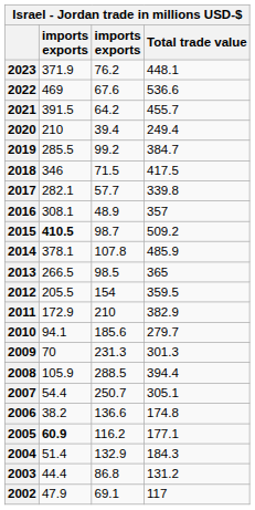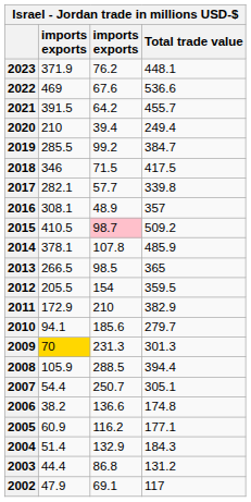 <table class="wikitable mw-collapsible mw-collapsed">
 <tr>
 <th colspan="4">Israel - Jordan trade in millions USD-$ </th>
 </tr>
 <tr>
 <th></th>
 <th> imports<br> exports</th>
 <th> imports<br> exports</th>
 <th>Total trade value</th>
 </tr>
 <tr>
 <th>2023</th>
 <td>371.9</td>
 <td>76.2</td>
 <td>448.1</td>
 </tr>
 <tr>
 <th>2022</th>
 <td>469</td>
 <td>67.6</td>
 <td>536.6</td>
 </tr>
 <tr>
 <th>2021</th>
 <td>391.5</td>
 <td>64.2</td>
 <td>455.7</td>
 </tr>
 <tr>
 <th>2020</th>
 <td>210</td>
 <td>39.4</td>
 <td>249.4</td>
 </tr>
 <tr>
 <th>2019</th>
 <td>285.5</td>
 <td>99.2</td>
 <td>384.7</td>
 </tr>
 <tr>
 <th>2018</th>
 <td>346</td>
 <td>71.5</td>
 <td>417.5</td>
 </tr>
 <tr>
 <th>2017</th>
 <td>282.1</td>
 <td>57.7</td>
 <td>339.8</td>
 </tr>
 <tr>
 <th>2016</th>
 <td>308.1</td>
 <td>48.9</td>
 <td>357</td>
 </tr>
 <tr>
 <th>2015</th>
-<td><strong>410.5</strong></td>
-<td>98.7</td>
+<td>410.5</td>
+<td style="background: pink;">98.7</td>
 <td>509.2</td>
 </tr>
 <tr>
 <th>2014</th>
 <td>378.1</td>
 <td>107.8</td>
 <td>485.9</td>
 </tr>
 <tr>
 <th>2013</th>
 <td>266.5</td>
 <td>98.5</td>
 <td>365</td>
 </tr>
 <tr>
 <th>2012</th>
 <td>205.5</td>
 <td>154</td>
 <td>359.5</td>
 </tr>
 <tr>
 <th>2011</th>
 <td>172.9</td>
 <td>210</td>
 <td>382.9</td>
 </tr>
 <tr>
 <th>2010</th>
 <td>94.1</td>
 <td>185.6</td>
 <td>279.7</td>
 </tr>
 <tr>
 <th>2009</th>
-<td>70</td>
+<td style="background: gold;">70</td>
 <td>231.3</td>
 <td>301.3</td>
 </tr>
 <tr>
 <th>2008</th>
 <td>105.9</td>
 <td>288.5</td>
 <td>394.4</td>
 </tr>
 <tr>
 <th>2007</th>
 <td>54.4</td>
 <td>250.7</td>
 <td>305.1</td>
 </tr>
 <tr>
 <th>2006</th>
 <td>38.2</td>
 <td>136.6</td>
 <td>174.8</td>
 </tr>
 <tr>
 <th>2005</th>
-<td><strong>60.9</strong></td>
+<td>60.9</td>
 <td>116.2</td>
 <td>177.1</td>
 </tr>
 <tr>
 <th>2004</th>
 <td>51.4</td>
 <td>132.9</td>
 <td>184.3</td>
 </tr>
 <tr>
 <th>2003</th>
 <td>44.4</td>
 <td>86.8</td>
 <td>131.2</td>
 </tr>
 <tr>
 <th>2002</th>
 <td>47.9</td>
 <td>69.1</td>
 <td>117</td>
 </tr>
 </table>
